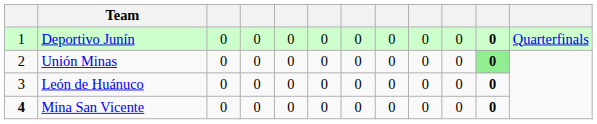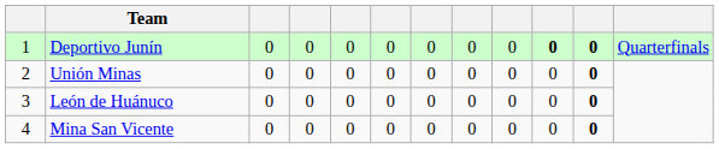 <table class="wikitable" style="text-align:center;">
 <tr>
 <th width="30"></th>
 <th width="180">Team</th>
 <th width="30"></th>
 <th width="30"></th>
 <th width="30"></th>
 <th width="30"></th>
 <th width="30"></th>
 <th width="30"></th>
 <th width="30"></th>
 <th width="30"></th>
 <th width="30"></th>
 <th width="30"></th>
 </tr>
 <tr bgcolor=ccffcc>
 <td>1</td>
 <td align=left><a href='#'>Deportivo Junín</a></td>
 <td>0</td>
 <td>0</td>
 <td>0</td>
 <td>0</td>
 <td>0</td>
 <td>0</td>
 <td>0</td>
-<td>0</td>
+<td><strong>0</strong></td>
 <td><strong>0</strong></td>
 <td><a href='#'>Quarterfinals</a></td>
 </tr>
 <tr>
 <td>2</td>
 <td align=left><a href='#'>Unión Minas</a></td>
 <td>0</td>
 <td>0</td>
 <td>0</td>
 <td>0</td>
 <td>0</td>
 <td>0</td>
 <td>0</td>
 <td>0</td>
-<td style="background: lightgreen;"><strong>0</strong></td>
+<td><strong>0</strong></td>
 </tr>
 <tr>
 <td>3</td>
 <td align=left><a href='#'>León de Huánuco</a></td>
 <td>0</td>
 <td>0</td>
 <td>0</td>
 <td>0</td>
 <td>0</td>
 <td>0</td>
 <td>0</td>
 <td>0</td>
 <td><strong>0</strong></td>
 </tr>
 <tr>
-<td><strong>4</strong></td>
+<td>4</td>
 <td align=left><a href='#'>Mina San Vicente</a></td>
 <td>0</td>
 <td>0</td>
 <td>0</td>
 <td>0</td>
 <td>0</td>
 <td>0</td>
 <td>0</td>
 <td>0</td>
 <td><strong>0</strong></td>
 </tr>
 </table>
